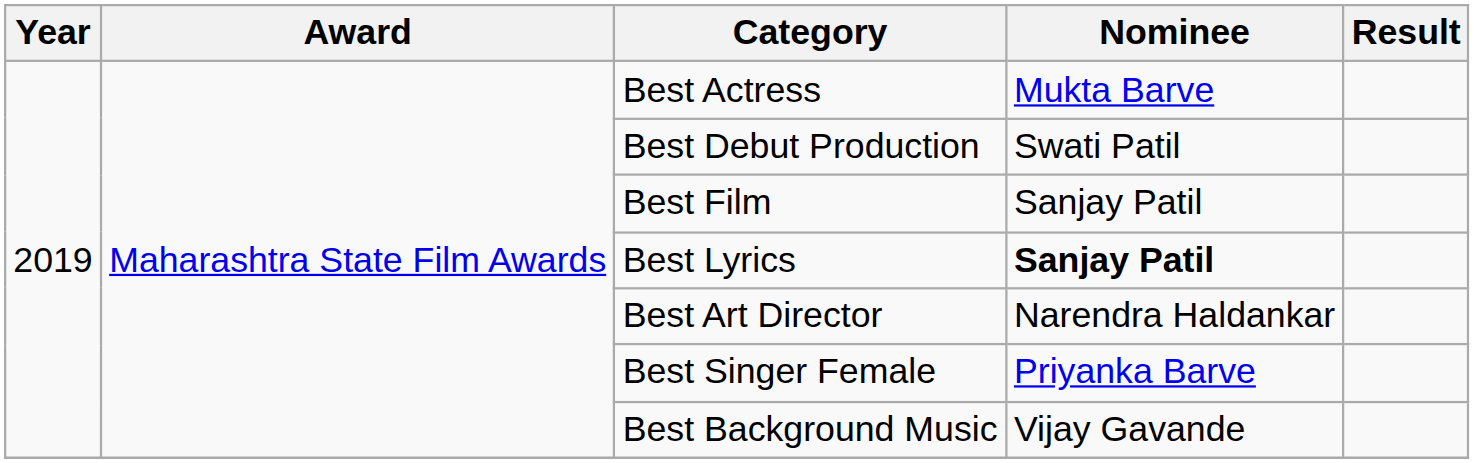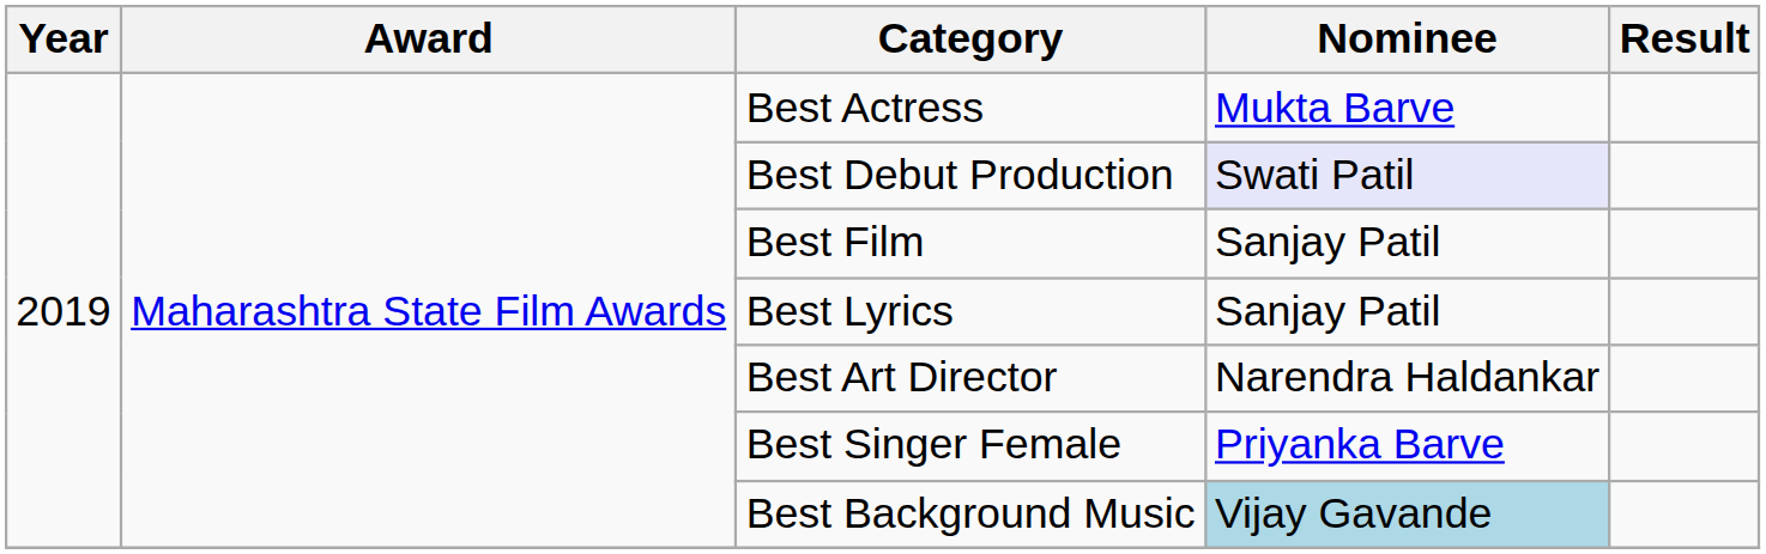 <table class="wikitable plainrowheaders sortable">
 <tr>
 <th scope="col">Year</th>
 <th scope="col">Award</th>
 <th scope="col">Category</th>
 <th scope="col">Nominee</th>
 <th scope="col">Result</th>
 </tr>
 <tr>
 <td rowspan="7">2019</td>
 <td rowspan="7"><a href='#'>Maharashtra State Film Awards</a></td>
 <td>Best Actress</td>
 <td><a href='#'>Mukta Barve</a></td>
 <td></td>
 </tr>
 <tr>
 <td>Best Debut Production</td>
-<td>Swati Patil</td>
+<td style="background: lavender;">Swati Patil</td>
 <td></td>
 </tr>
 <tr>
 <td>Best Film</td>
 <td>Sanjay Patil</td>
 <td></td>
 </tr>
 <tr>
 <td>Best Lyrics</td>
-<td><strong>Sanjay Patil</strong></td>
+<td>Sanjay Patil</td>
 <td></td>
 </tr>
 <tr>
 <td>Best Art Director</td>
 <td>Narendra Haldankar</td>
 <td></td>
 </tr>
 <tr>
 <td>Best Singer Female</td>
 <td><a href='#'>Priyanka Barve</a></td>
 <td></td>
 </tr>
 <tr>
 <td>Best Background Music</td>
-<td>Vijay Gavande</td>
+<td style="background: lightblue;">Vijay Gavande</td>
 <td></td>
 </tr>
 <tr>
 </tr>
 </table>
